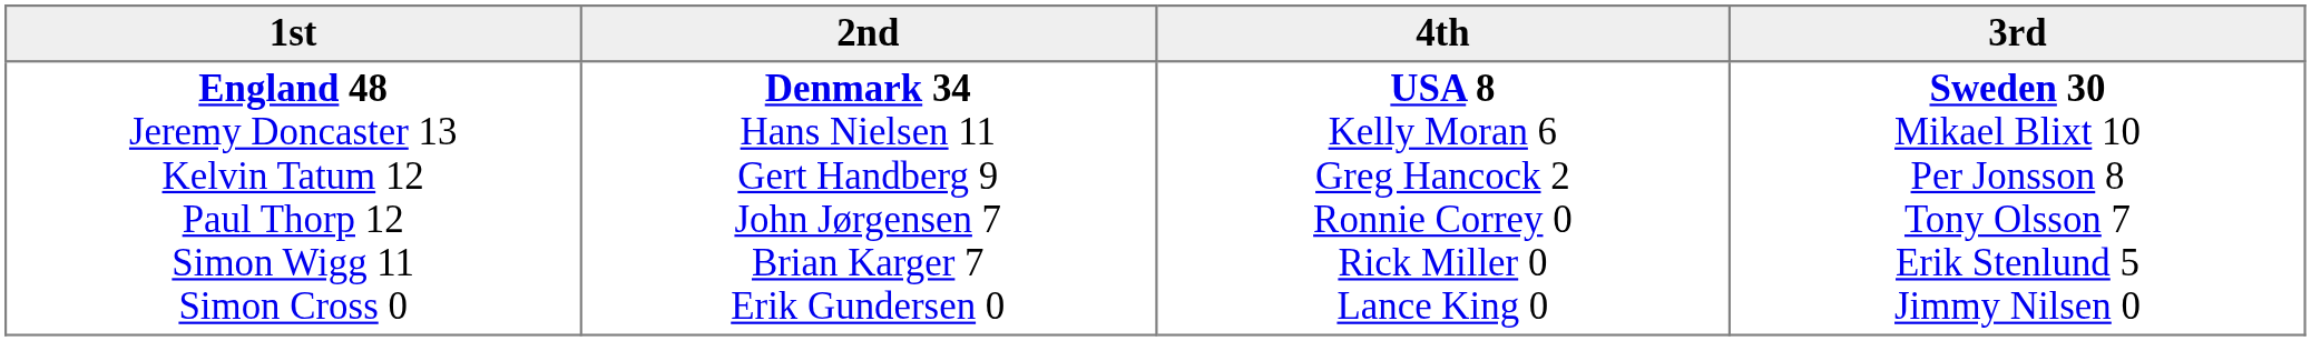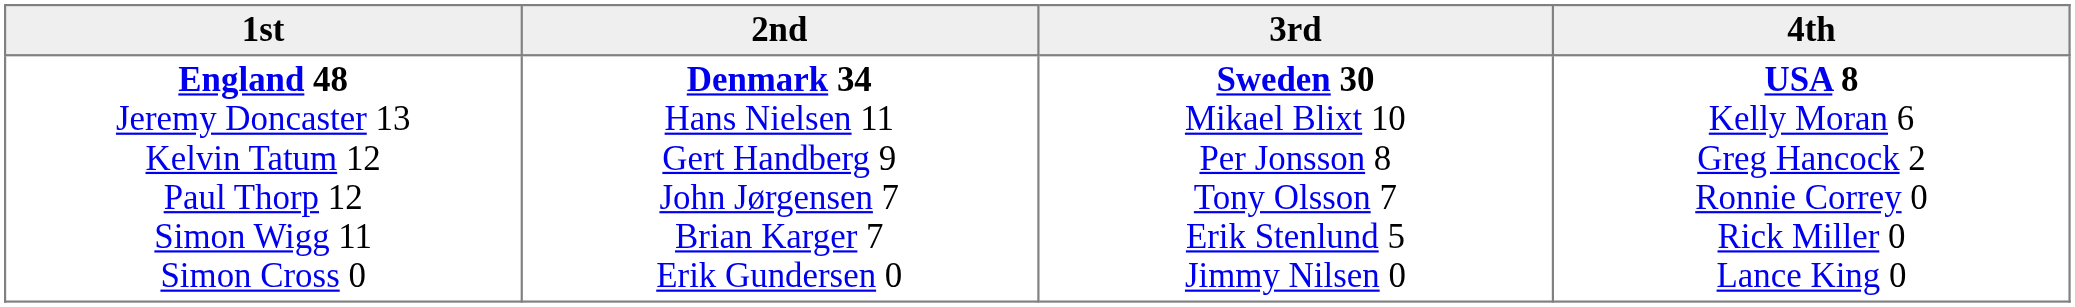 <table border=1 cellpadding=2 cellspacing=0 width=75% style="border-collapse:collapse">
 <tr align=center style="background:#efefef;">
 <th width=20% >1st</th>
 <th width=20% >2nd</th>
+<th width=20% >3rd</th>
 <th width=20%>4th</th>
-<th width=20% >3rd</th>
 </tr>
 <tr align=center>
 <td valign=top > <strong><a href='#'>England</a> 48</strong><br><a href='#'>Jeremy Doncaster</a> 13<br><a href='#'>Kelvin Tatum</a> 12<br><a href='#'>Paul Thorp</a> 12<br><a href='#'>Simon Wigg</a> 11<br><a href='#'>Simon Cross</a> 0</td>
 <td valign=top > <strong><a href='#'>Denmark</a> 34</strong><br><a href='#'>Hans Nielsen</a> 11<br><a href='#'>Gert Handberg</a> 9<br><a href='#'>John Jørgensen</a> 7<br><a href='#'>Brian Karger</a> 7<br><a href='#'>Erik Gundersen</a> 0</td>
+<td valign=top > <strong><a href='#'>Sweden</a> 30</strong><br><a href='#'>Mikael Blixt</a> 10<br><a href='#'>Per Jonsson</a> 8<br><a href='#'>Tony Olsson</a> 7<br><a href='#'>Erik Stenlund</a> 5<br><a href='#'>Jimmy Nilsen</a> 0</td>
 <td valign=top> <strong><a href='#'>USA</a> 8</strong><br><a href='#'>Kelly Moran</a> 6<br><a href='#'>Greg Hancock</a> 2<br><a href='#'>Ronnie Correy</a> 0<br><a href='#'>Rick Miller</a> 0<br><a href='#'>Lance King</a> 0</td>
-<td valign=top > <strong><a href='#'>Sweden</a> 30</strong><br><a href='#'>Mikael Blixt</a> 10<br><a href='#'>Per Jonsson</a> 8<br><a href='#'>Tony Olsson</a> 7<br><a href='#'>Erik Stenlund</a> 5<br><a href='#'>Jimmy Nilsen</a> 0</td>
 </tr>
 </table>
